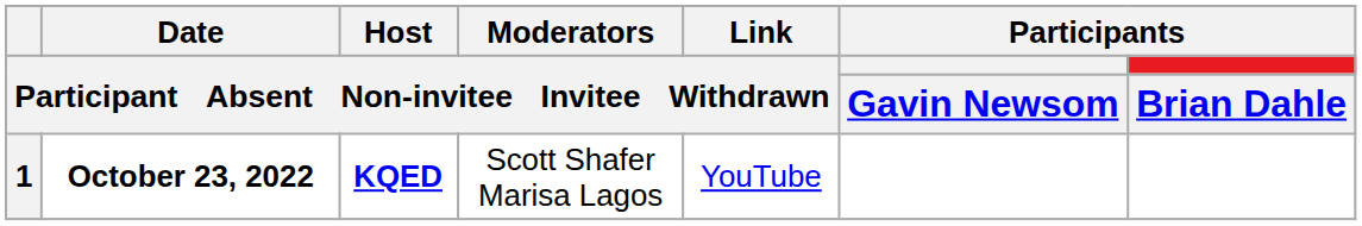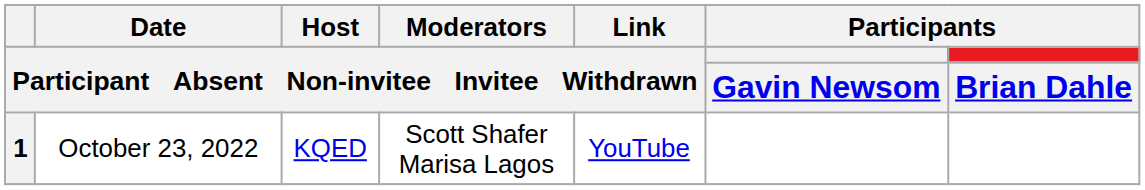 <table class="wikitable"  style="text-align:center;">
 <tr style="font-size:small;">
 <th scope="col"></th>
 <th scope="col">Date</th>
 <th scope="col">Host</th>
 <th scope="col">Moderators</th>
 <th scope="col">Link</th>
 <th scope="col" colspan="2">Participants</th>
 </tr>
 <tr>
 <th colspan="5" rowspan="2"> <small>Participant  </small> <small>Absent  </small> <small>Non-invitee  </small> <small>Invitee  </small> <small>Withdrawn</small></th>
 <th scope="col" style="background:"></th>
 <th scope="col" style="background:#E81B23;"></th>
 </tr>
 <tr>
 <th scope="col"><a href='#'>Gavin Newsom</a></th>
 <th scope="col"><a href='#'>Brian Dahle</a></th>
 </tr>
 <tr style="background:#fff; font-size:small;">
 <th scope="row">1</th>
-<td style="white-space:nowrap;"><strong>October 23, 2022</strong></td>
-<td style="white-space:nowrap;"><strong><a href='#'>KQED</a></strong></td>
+<td style="white-space:nowrap;">October 23, 2022</td>
+<td style="white-space:nowrap;"><a href='#'>KQED</a></td>
 <td style="white-space:nowrap;">Scott Shafer <br> Marisa Lagos</td>
 <td style="white-space:nowrap;"><a href='#'>YouTube</a></td>
 <td></td>
 <td></td>
 </tr>
 </table>
